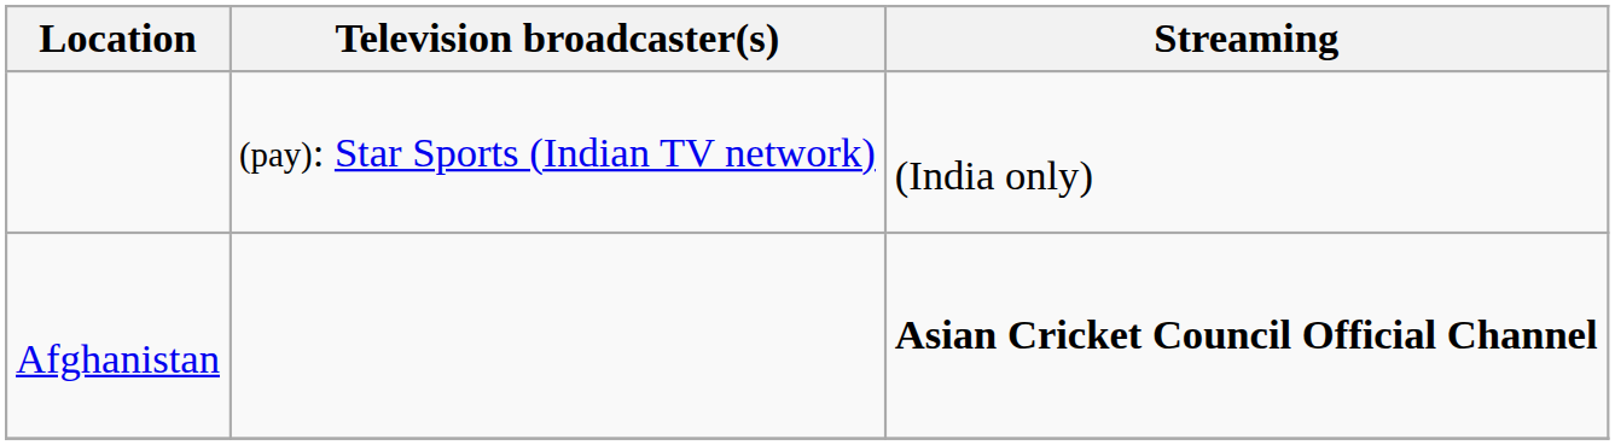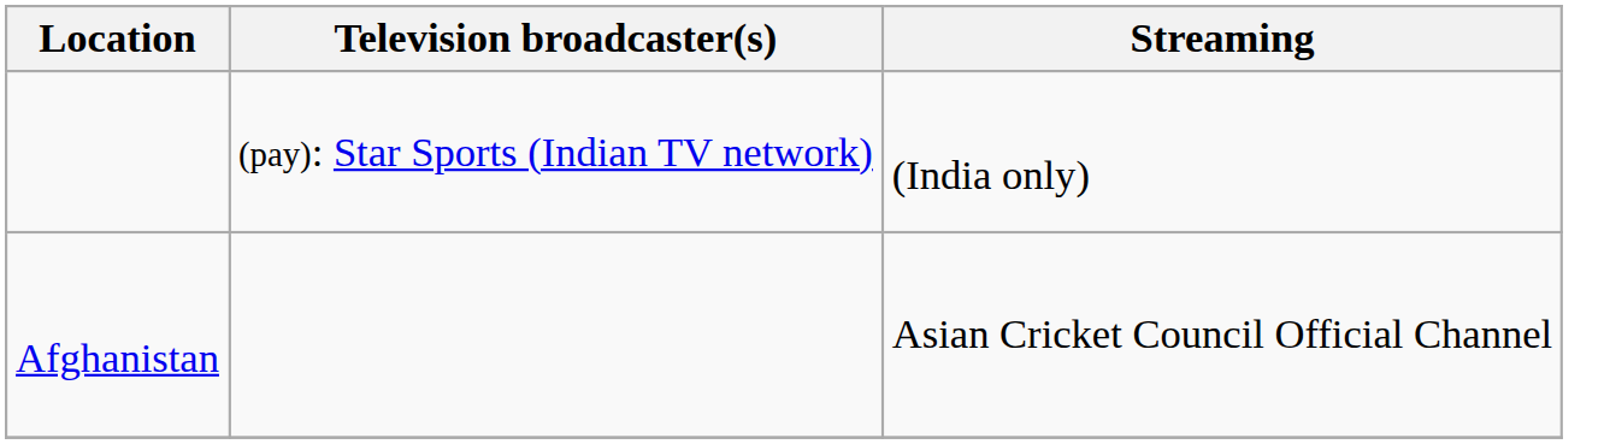 <table class="wikitable">
 <tr>
 <th>Location</th>
 <th>Television broadcaster(s)</th>
 <th>Streaming</th>
 </tr>
 <tr>
 <td><br> <br> <br> </td>
 <td> <small>(pay)</small>: <a href='#'>Star Sports (Indian TV network)</a></td>
 <td><br>(India only)</td>
 </tr>
 <tr>
 <td><br> <br>  <a href='#'>Afghanistan</a><br> <br> </td>
 <td></td>
-<td><strong>Asian Cricket Council Official  Channel </strong></td>
+<td>Asian Cricket Council Official  Channel </td>
 </tr>
 <tr>
 </tr>
 </table>
